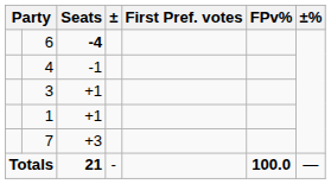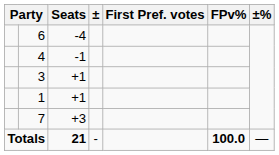 <table class=wikitable>
 <tr>
 <th colspan=2 align=center>Party</th>
 <th valign=top>Seats</th>
 <th valign=top>±</th>
 <th valign=top>First Pref. votes</th>
 <th valign=top>FPv%</th>
 <th valign=top>±%</th>
 </tr>
 <tr>
 <td></td>
 <td align=right>6</td>
-<td align=right><strong>-4</strong></td>
+<td align=right>-4</td>
 <td align=right></td>
 <td align=right></td>
 <td align=right></td>
 </tr>
 <tr>
 <td></td>
 <td align=right>4</td>
 <td align=right>-1</td>
 <td align=right></td>
 <td align=right></td>
 <td align=right></td>
 </tr>
 <tr>
 <td></td>
 <td align=right>3</td>
 <td align=right>+1</td>
 <td align=right></td>
 <td align=right></td>
 <td align=right></td>
 </tr>
 <tr>
 <td></td>
 <td align=right>1</td>
 <td align=right>+1</td>
 <td align=right></td>
 <td align=right></td>
 <td align=right></td>
 </tr>
 <tr>
 <td></td>
 <td align=right>7</td>
 <td align=right>+3</td>
 <td align=right></td>
 <td align=right></td>
 <td align=right></td>
 </tr>
 <tr>
 <td colspan=2 align=center><strong>Totals</strong></td>
 <td align=right><strong>21</strong></td>
 <td align=center>-</td>
 <td align=right></td>
 <td align=center><strong>100.0</strong></td>
 <td align=center>—</td>
 </tr>
 </table>
